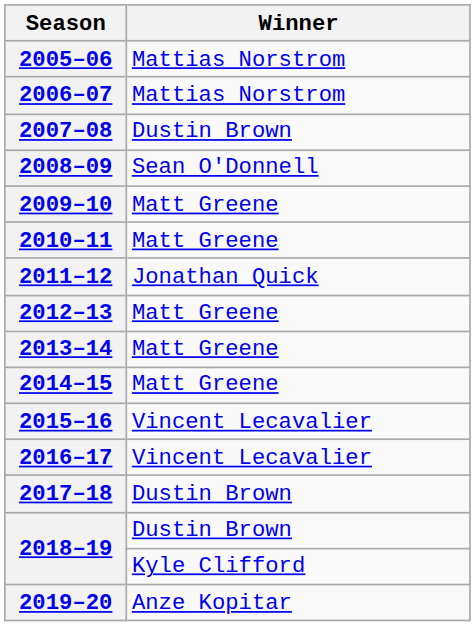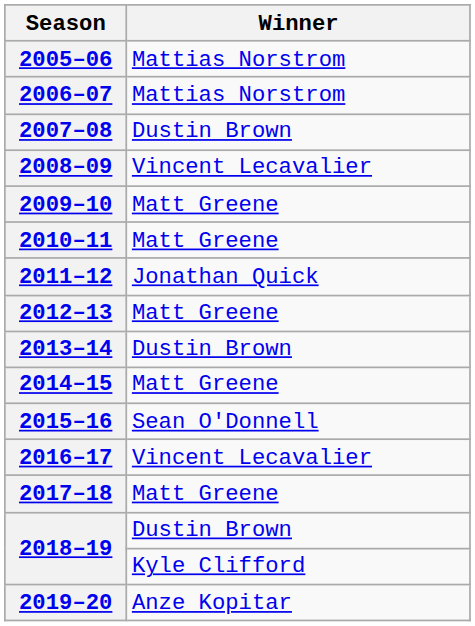 <table class="wikitable">
 <tr>
 <th scope="col" style="width:5em">Season</th>
 <th scope="col" style="width:15em">Winner</th>
 </tr>
 <tr>
 <th scope="row"><a href='#'>2005–06</a></th>
 <td><a href='#'>Mattias Norstrom</a></td>
 </tr>
 <tr>
 <th scope="row"><a href='#'>2006–07</a></th>
 <td><a href='#'>Mattias Norstrom</a></td>
 </tr>
 <tr>
 <th scope="row"><a href='#'>2007–08</a></th>
 <td><a href='#'>Dustin Brown</a></td>
 </tr>
 <tr>
 <th scope="row"><a href='#'>2008–09</a></th>
-<td><a href='#'>Sean O'Donnell</a></td>
+<td><a href='#'>Vincent Lecavalier</a></td>
 </tr>
 <tr>
 <th scope="row"><a href='#'>2009–10</a></th>
 <td><a href='#'>Matt Greene</a></td>
 </tr>
 <tr>
 <th scope="row"><a href='#'>2010–11</a></th>
 <td><a href='#'>Matt Greene</a></td>
 </tr>
 <tr>
 <th scope="row"><a href='#'>2011–12</a></th>
 <td><a href='#'>Jonathan Quick</a></td>
 </tr>
 <tr>
 <th scope="row"><a href='#'>2012–13</a></th>
 <td><a href='#'>Matt Greene</a></td>
 </tr>
 <tr>
 <th scope="row"><a href='#'>2013–14</a></th>
-<td><a href='#'>Matt Greene</a></td>
+<td><a href='#'>Dustin Brown</a></td>
 </tr>
 <tr>
 <th scope="row"><a href='#'>2014–15</a></th>
 <td><a href='#'>Matt Greene</a></td>
 </tr>
 <tr>
 <th scope="row"><a href='#'>2015–16</a></th>
-<td><a href='#'>Vincent Lecavalier</a></td>
+<td><a href='#'>Sean O'Donnell</a></td>
 </tr>
 <tr>
 <th scope="row"><a href='#'>2016–17</a></th>
 <td><a href='#'>Vincent Lecavalier</a></td>
 </tr>
 <tr>
 <th scope="row"><a href='#'>2017–18</a></th>
-<td><a href='#'>Dustin Brown</a></td>
+<td><a href='#'>Matt Greene</a></td>
 </tr>
 <tr>
 <th scope="row" rowspan="2"><a href='#'>2018–19</a></th>
 <td><a href='#'>Dustin Brown</a></td>
 </tr>
 <tr>
 <td><a href='#'>Kyle Clifford</a></td>
 </tr>
 <tr>
 <th scope="row"><a href='#'>2019–20</a></th>
 <td><a href='#'>Anze Kopitar</a></td>
 </tr>
 </table>
